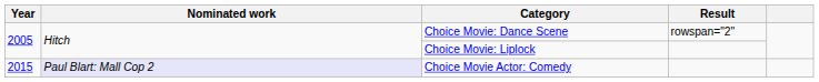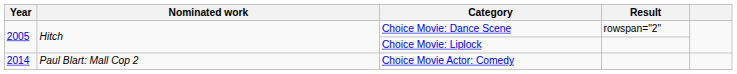 <table class="wikitable plainrowheaders sortable" style="text-align:left; width:90%;">
 <tr>
 <th scope="col" style="width:2.8em;">Year</th>
 <th scope="col" style="width:36em;">Nominated work</th>
 <th scope="col" style="width:23em;">Category</th>
 <th scope="col" style="width:8.5em;">Result</th>
 <th scope="col" style="width:4em;"></th>
 </tr>
 <tr>
 <td rowspan="2"><a href='#'>2005</a></td>
 <td rowspan="2"><em>Hitch</em></td>
 <td><a href='#'>Choice Movie: Dance Scene</a></td>
 <td>rowspan="2" </td>
 <td rowspan="2" align="center"></td>
 </tr>
 <tr>
 <td><a href='#'>Choice Movie: Liplock</a></td>
 </tr>
 <tr>
-<td><a href='#'>2015</a></td>
-<td style="background: lavender;"><em>Paul Blart: Mall Cop 2</em></td>
+<td><a href='#'>2014</a></td>
+<td><em>Paul Blart: Mall Cop 2</em></td>
 <td><a href='#'>Choice Movie Actor: Comedy</a></td>
 <td></td>
 <td align="center"></td>
 </tr>
 </table>
